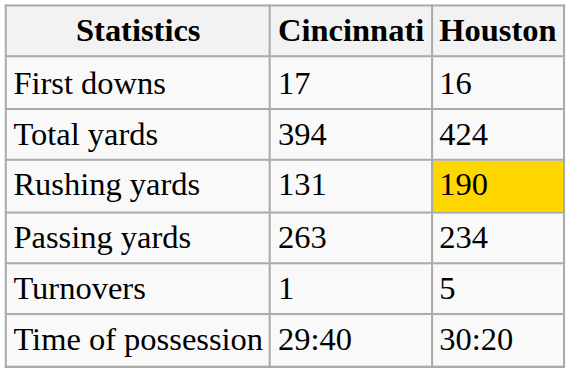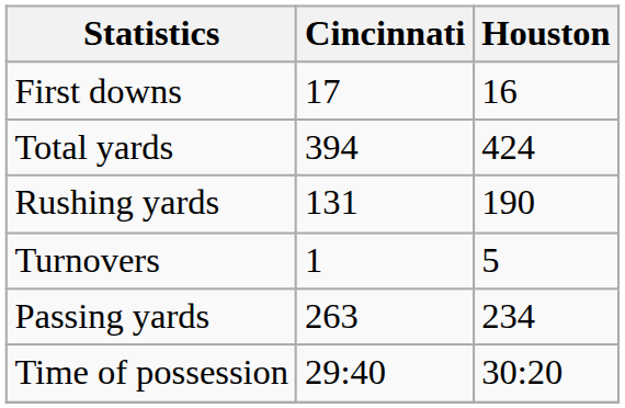 <table class="wikitable" style="float: right;">
 <tr>
 <th>Statistics</th>
 <th>Cincinnati</th>
 <th>Houston</th>
 </tr>
 <tr>
 <td>First downs</td>
 <td>17</td>
 <td>16</td>
 </tr>
 <tr>
 <td>Total yards</td>
 <td>394</td>
 <td>424</td>
 </tr>
 <tr>
 <td>Rushing yards</td>
 <td>131</td>
-<td style="background: gold;">190</td>
+<td>190</td>
+</tr>
+<tr>
+<td>Turnovers</td>
+<td>1</td>
+<td>5</td>
 </tr>
 <tr>
 <td>Passing yards</td>
 <td>263</td>
 <td>234</td>
-</tr>
-<tr>
-<td>Turnovers</td>
-<td>1</td>
-<td>5</td>
 </tr>
 <tr>
 <td>Time of possession</td>
 <td>29:40</td>
 <td>30:20</td>
 </tr>
 <tr>
 </tr>
 </table>
